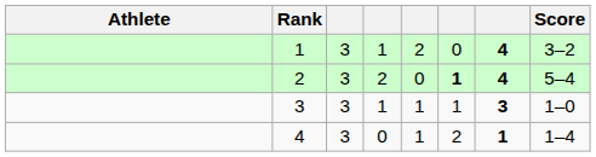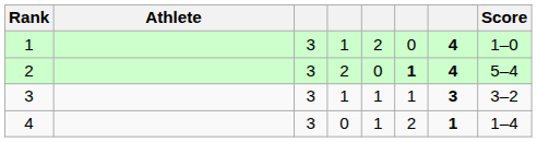 <table class="wikitable" style="text-align: center;">
 <tr>
+<th width=25>Rank</th>
 <th width=225>Athlete</th>
-<th width=25>Rank</th>
 <th width=25></th>
 <th width=25></th>
 <th width=25></th>
 <th width=25></th>
 <th width=40></th>
 <th width=40>Score</th>
 </tr>
 <tr bgcolor=ccffcc>
+<td>1</td>
 <td align=left></td>
-<td>1</td>
 <td>3</td>
 <td>1</td>
 <td>2</td>
 <td>0</td>
 <td><strong>4</strong></td>
-<td>3–2</td>
+<td>1–0</td>
 </tr>
 <tr bgcolor=ccffcc>
+<td>2</td>
 <td align=left></td>
-<td>2</td>
 <td>3</td>
 <td>2</td>
 <td>0</td>
 <td><strong>1</strong></td>
 <td><strong>4</strong></td>
 <td>5–4</td>
 </tr>
 <tr>
+<td>3</td>
 <td align=left></td>
-<td>3</td>
 <td>3</td>
 <td>1</td>
 <td>1</td>
 <td>1</td>
 <td><strong>3</strong></td>
-<td>1–0</td>
+<td>3–2</td>
 </tr>
 <tr>
+<td>4</td>
 <td align=left></td>
-<td>4</td>
 <td>3</td>
 <td>0</td>
 <td>1</td>
 <td>2</td>
 <td><strong>1</strong></td>
 <td>1–4</td>
 </tr>
 </table>
